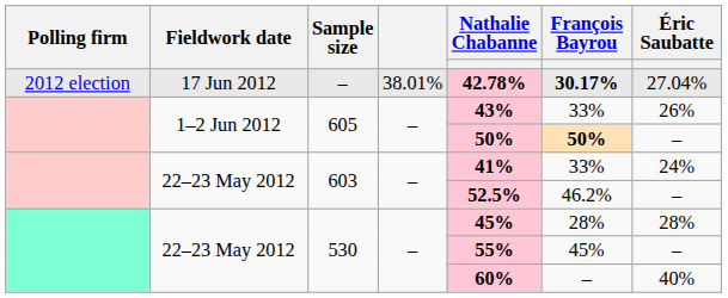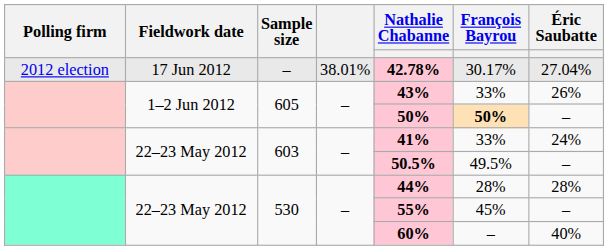 <table class="wikitable sortable" style="text-align:center;font-size:90%;line-height:14px;">
 <tr style="height:40px;">
 <th style="width:100px;" rowspan="2">Polling firm</th>
 <th style="width:110px;" rowspan="2">Fieldwork date</th>
 <th style="width:35px;" rowspan="2">Sample<br>size</th>
 <th style="width:30px;" rowspan="2"></th>
 <th class="unsortable" style="width:60px;"><a href='#'>Nathalie Chabanne</a><br></th>
 <th class="unsortable" style="width:60px;"><a href='#'>François Bayrou</a><br></th>
 <th class="unsortable" style="width:60px;">Éric Saubatte<br></th>
 </tr>
 <tr>
 <th style="background:"></th>
 <th style="background:"></th>
 <th style="background:"></th>
 </tr>
 <tr style="background:#E9E9E9;">
 <td><a href='#'>2012 election</a></td>
 <td data-sort-value="2012-06-17">17 Jun 2012</td>
 <td>–</td>
 <td>38.01%</td>
 <td style="background:#FFC6D5;"><strong>42.78%</strong></td>
-<td><strong>30.17%</strong></td>
+<td>30.17%</td>
 <td>27.04%</td>
 </tr>
 <tr>
 <td rowspan="2" style="background:#FFCCCC;"></td>
 <td rowspan="2" data-sort-value="2012-06-02">1–2 Jun 2012</td>
 <td rowspan="2">605</td>
 <td rowspan="2">–</td>
 <td style="background:#FFC6D5;"><strong>43%</strong></td>
 <td>33%</td>
 <td>26%</td>
 </tr>
 <tr>
 <td style="background:#FFC6D5;"><strong>50%</strong></td>
 <td style="background:#FFE1B6;"><strong>50%</strong></td>
 <td>–</td>
 </tr>
 <tr>
 <td rowspan="2" style="background:#FFCCCC;"></td>
 <td rowspan="2" data-sort-value="2012-05-23">22–23 May 2012</td>
 <td rowspan="2">603</td>
 <td rowspan="2">–</td>
 <td style="background:#FFC6D5;"><strong>41%</strong></td>
 <td>33%</td>
 <td>24%</td>
 </tr>
 <tr>
-<td style="background:#FFC6D5;"><strong>52.5%</strong></td>
-<td>46.2%</td>
+<td style="background:#FFC6D5;"><strong>50.5%</strong></td>
+<td>49.5%</td>
 <td>–</td>
 </tr>
 <tr>
 <td rowspan="3" style="background:aquamarine;"></td>
 <td rowspan="3" data-sort-value="2012-05-23">22–23 May 2012</td>
 <td rowspan="3">530</td>
 <td rowspan="3">–</td>
-<td style="background:#FFC6D5;"><strong>45%</strong></td>
+<td style="background:#FFC6D5;"><strong>44%</strong></td>
 <td>28%</td>
 <td>28%</td>
 </tr>
 <tr>
 <td style="background:#FFC6D5;"><strong>55%</strong></td>
 <td>45%</td>
 <td>–</td>
 </tr>
 <tr>
 <td style="background:#FFC6D5;"><strong>60%</strong></td>
 <td>–</td>
 <td>40%</td>
 </tr>
 </table>
